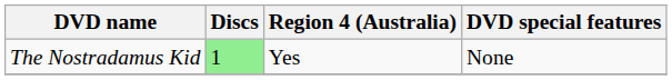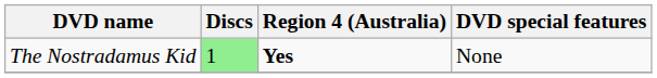 <table class="wikitable">
 <tr>
 <th>DVD name</th>
 <th>Discs</th>
 <th>Region 4 (Australia)</th>
 <th>DVD special features</th>
 </tr>
 <tr>
 <td><em>The Nostradamus Kid</em></td>
 <td style="background: lightgreen;">1</td>
-<td>Yes</td>
+<td><strong>Yes</strong></td>
 <td>None</td>
 </tr>
 <tr>
 </tr>
 </table>
